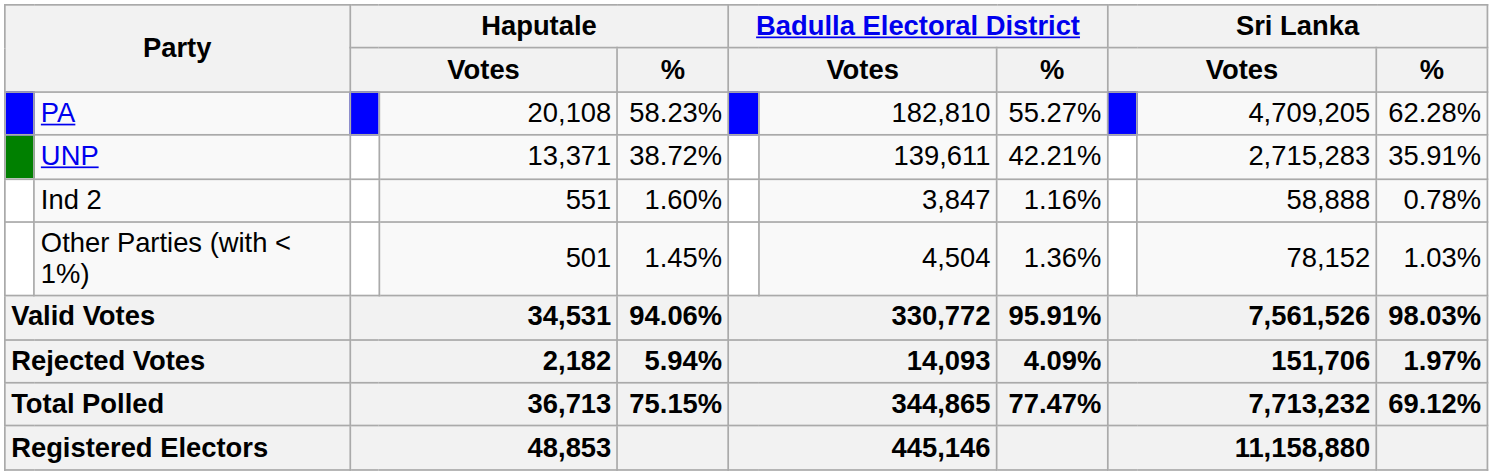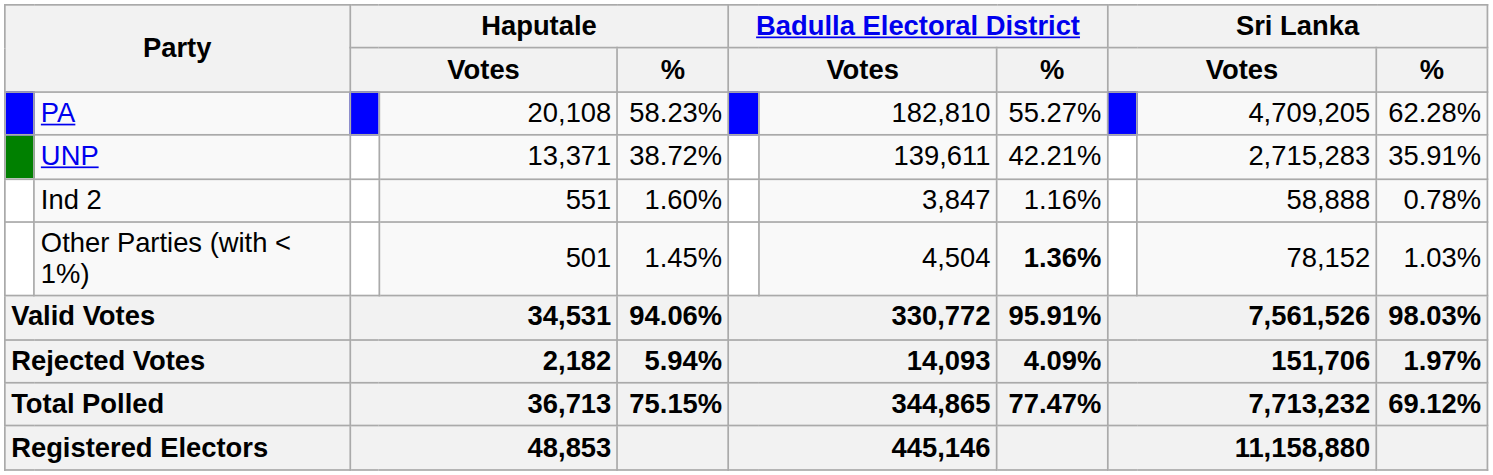 <table class="wikitable">
 <tr>
 <th colspan="2" width="144px"rowspan="2">Party</th>
 <th colspan="3" width="216px">Haputale</th>
 <th colspan="3" width="216px"><a href='#'>Badulla Electoral District</a></th>
 <th colspan="3" width="216px">Sri Lanka</th>
 </tr>
 <tr>
 <th colspan="2" width="144px">Votes</th>
 <th>%</th>
 <th colspan="2" width="144px">Votes</th>
 <th>%</th>
 <th colspan="2" width="144px">Votes</th>
 <th>%</th>
 </tr>
 <tr>
 <td style="background-color:blue;" width="10px"></td>
 <td style="text-align:left;"><a href='#'>PA</a></td>
 <td style="background-color:blue;" width="10px"></td>
 <td style="text-align:right;">20,108</td>
 <td style="text-align:right;">58.23%</td>
 <td style="background-color:blue;" width="10px"></td>
 <td style="text-align:right;">182,810</td>
 <td style="text-align:right;">55.27%</td>
 <td style="background-color:blue;" width="10px"></td>
 <td style="text-align:right;">4,709,205</td>
 <td style="text-align:right;">62.28%</td>
 </tr>
 <tr>
 <td style="background-color:green;" width="10px"></td>
 <td style="text-align:left;"><a href='#'>UNP</a></td>
 <td style="background-color:white;" width="10px"></td>
 <td style="text-align:right;">13,371</td>
 <td style="text-align:right;">38.72%</td>
 <td style="background-color:white;" width="10px"></td>
 <td style="text-align:right;">139,611</td>
 <td style="text-align:right;">42.21%</td>
 <td style="background-color:white;" width="10px"></td>
 <td style="text-align:right;">2,715,283</td>
 <td style="text-align:right;">35.91%</td>
 </tr>
 <tr>
 <td style="background-color:white;" width="10px"></td>
 <td style="text-align:left;">Ind 2</td>
 <td style="background-color:white;" width="10px"></td>
 <td style="text-align:right;">551</td>
 <td style="text-align:right;">1.60%</td>
 <td style="background-color:white;" width="10px"></td>
 <td style="text-align:right;">3,847</td>
 <td style="text-align:right;">1.16%</td>
 <td style="background-color:white;" width="10px"></td>
 <td style="text-align:right;">58,888</td>
 <td style="text-align:right;">0.78%</td>
 </tr>
 <tr>
 <td style="background-color:white;" width="10px"></td>
 <td style="text-align:left;">Other Parties (with < 1%)</td>
 <td style="background-color:white;" width="10px"></td>
 <td style="text-align:right;">501</td>
 <td style="text-align:right;">1.45%</td>
 <td style="background-color:white;" width="10px"></td>
 <td style="text-align:right;">4,504</td>
-<td style="text-align:right;">1.36%</td>
+<td style="text-align:right;"><strong>1.36%</strong></td>
 <td style="background-color:white;" width="10px"></td>
 <td style="text-align:right;">78,152</td>
 <td style="text-align:right;">1.03%</td>
 </tr>
 <tr>
 <th colspan="2" width="144px"style="text-align:left;">Valid Votes</th>
 <th style="text-align:right;"colspan="2" width="144px">34,531</th>
 <th style="text-align:right;">94.06%</th>
 <th style="text-align:right;"colspan="2" width="144px">330,772</th>
 <th style="text-align:right;">95.91%</th>
 <th style="text-align:right;"colspan="2" width="144px">7,561,526</th>
 <th style="text-align:right;">98.03%</th>
 </tr>
 <tr>
 <th colspan="2" width="144px"style="text-align:left;">Rejected Votes</th>
 <th style="text-align:right;"colspan="2" width="144px">2,182</th>
 <th style="text-align:right;">5.94%</th>
 <th style="text-align:right;"colspan="2" width="144px">14,093</th>
 <th style="text-align:right;">4.09%</th>
 <th style="text-align:right;"colspan="2" width="144px">151,706</th>
 <th style="text-align:right;">1.97%</th>
 </tr>
 <tr>
 <th colspan="2" width="144px"style="text-align:left;">Total Polled</th>
 <th style="text-align:right;"colspan="2" width="144px">36,713</th>
 <th style="text-align:right;">75.15%</th>
 <th style="text-align:right;"colspan="2" width="144px">344,865</th>
 <th style="text-align:right;">77.47%</th>
 <th style="text-align:right;"colspan="2" width="144px">7,713,232</th>
 <th style="text-align:right;">69.12%</th>
 </tr>
 <tr>
 <th colspan="2" width="144px"style="text-align:left;">Registered Electors</th>
 <th style="text-align:right;"colspan="2" width="144px">48,853</th>
 <th></th>
 <th style="text-align:right;"colspan="2" width="144px">445,146</th>
 <th></th>
 <th style="text-align:right;"colspan="2" width="144px">11,158,880</th>
 <th></th>
 </tr>
 </table>
